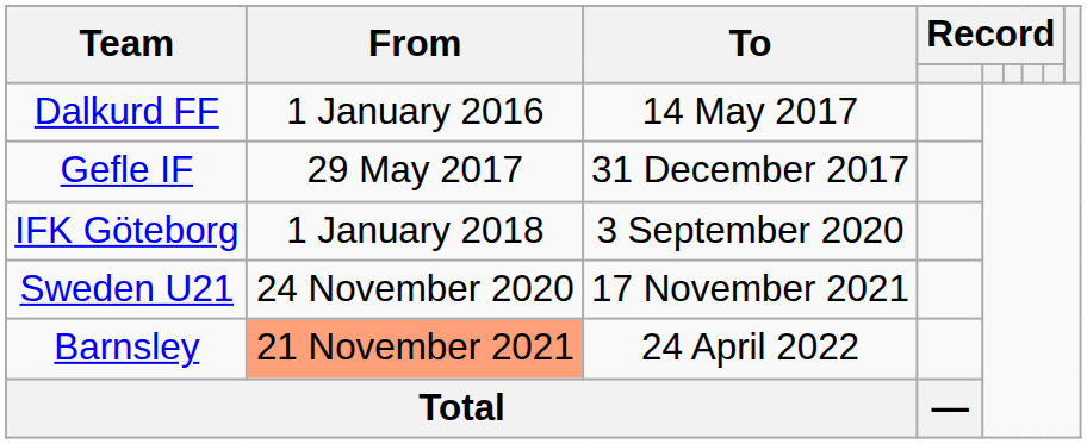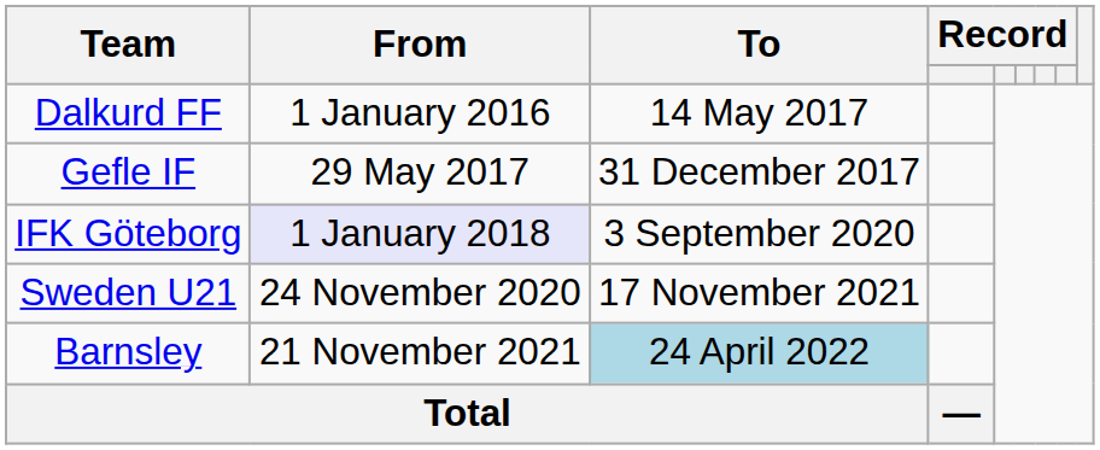 <table class="wikitable" style="text-align: center">
 <tr>
 <th rowspan="2">Team</th>
 <th rowspan="2">From</th>
 <th rowspan="2">To</th>
 <th colspan="5">Record</th>
 <th rowspan="2"></th>
 </tr>
 <tr>
 <th></th>
 <th></th>
 <th></th>
 <th></th>
 <th></th>
 </tr>
 <tr>
 <td><a href='#'>Dalkurd FF</a></td>
 <td>1 January 2016</td>
 <td>14 May 2017<br></td>
 <td></td>
 </tr>
 <tr>
 <td><a href='#'>Gefle IF</a></td>
 <td>29 May 2017</td>
 <td>31 December 2017<br></td>
 <td></td>
 </tr>
 <tr>
 <td><a href='#'>IFK Göteborg</a></td>
-<td>1 January 2018</td>
+<td style="background: lavender;">1 January 2018</td>
 <td>3 September 2020<br></td>
 <td></td>
 </tr>
 <tr>
 <td><a href='#'>Sweden U21</a></td>
 <td>24 November 2020</td>
 <td>17 November 2021<br></td>
 <td></td>
 </tr>
 <tr>
 <td><a href='#'>Barnsley</a></td>
-<td style="background: lightsalmon;">21 November 2021</td>
-<td>24 April 2022<br></td>
+<td>21 November 2021</td>
+<td style="background: lightblue;">24 April 2022<br></td>
 <td></td>
 </tr>
 <tr>
 <th colspan=3>Total<br></th>
 <th>—</th>
 </tr>
 </table>
